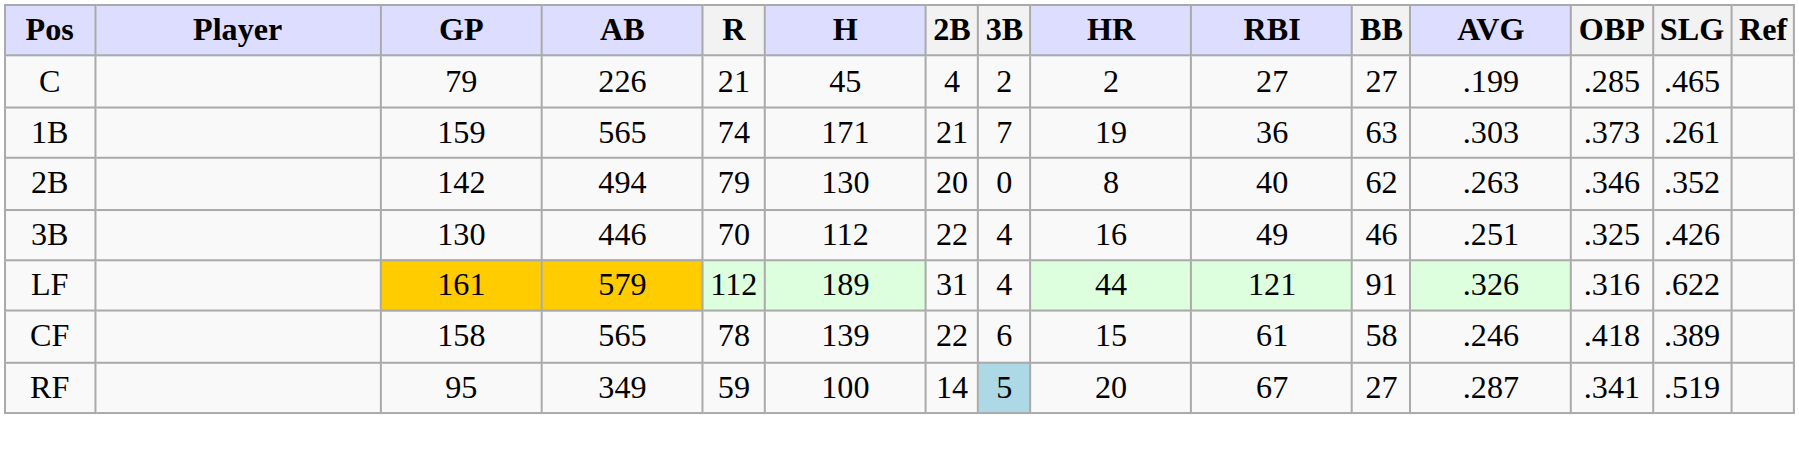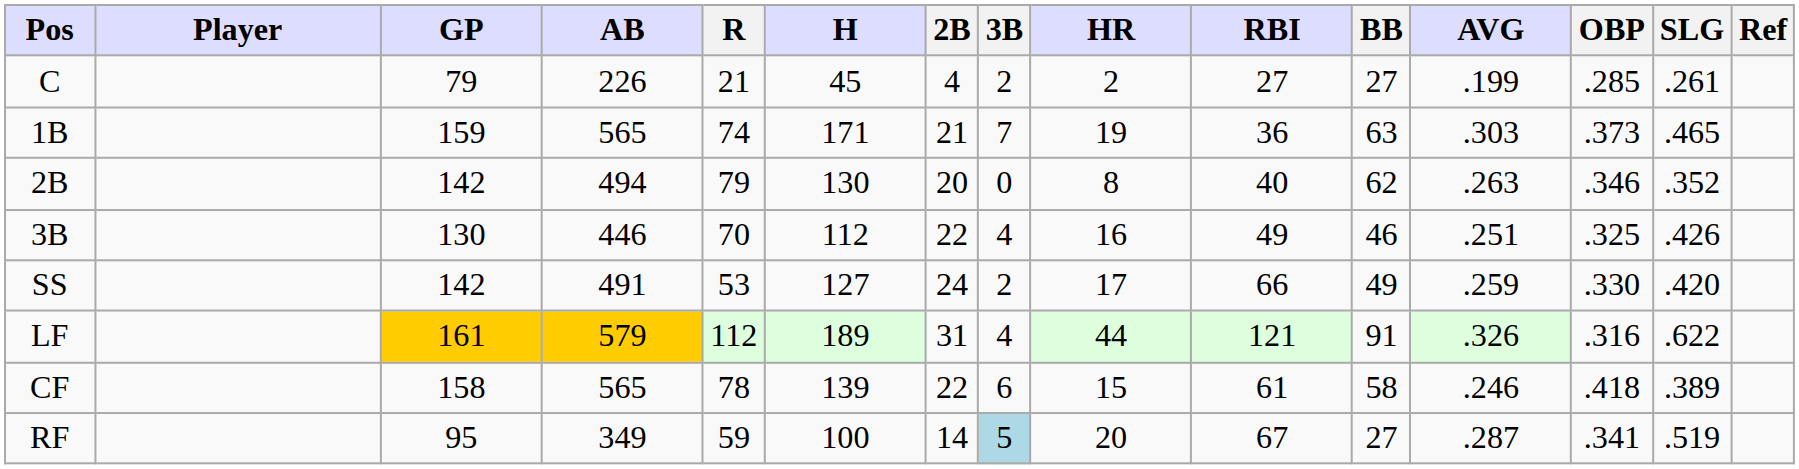 <table class="wikitable sortable">
 <tr>
 <th style="background:#ddf; width:5%;">Pos</th>
 <th style="background:#ddf; width:16%;">Player</th>
 <th style="background:#ddf; width:9%;">GP</th>
 <th style="background:#ddf; width:9%;">AB</th>
 <th>R</th>
 <th style="background:#ddf; width:9%;">H</th>
 <th>2B</th>
 <th>3B</th>
 <th style="background:#ddf; width:9%;">HR</th>
 <th style="background:#ddf; width:9%;">RBI</th>
 <th>BB</th>
 <th style="background:#ddf; width:9%;">AVG</th>
 <th>OBP</th>
 <th>SLG</th>
 <th>Ref</th>
 </tr>
 <tr style="text-align:center;">
 <td>C</td>
 <td></td>
 <td>79</td>
 <td>226</td>
 <td>21</td>
 <td>45</td>
 <td>4</td>
 <td>2</td>
 <td>2</td>
 <td>27</td>
 <td>27</td>
 <td>.199</td>
 <td>.285</td>
-<td>.465</td>
+<td>.261</td>
 <td></td>
 </tr>
 <tr style="text-align:center;">
 <td>1B</td>
 <td></td>
 <td>159</td>
 <td>565</td>
 <td>74</td>
 <td>171</td>
 <td>21</td>
 <td>7</td>
 <td>19</td>
 <td>36</td>
 <td>63</td>
 <td>.303</td>
 <td>.373</td>
-<td>.261</td>
+<td>.465</td>
 <td></td>
 </tr>
 <tr style="text-align:center;">
 <td>2B</td>
 <td></td>
 <td>142</td>
 <td>494</td>
 <td>79</td>
 <td>130</td>
 <td>20</td>
 <td>0</td>
 <td>8</td>
 <td>40</td>
 <td>62</td>
 <td>.263</td>
 <td>.346</td>
 <td>.352</td>
 <td></td>
 </tr>
 <tr style="text-align:center;">
 <td>3B</td>
 <td></td>
 <td>130</td>
 <td>446</td>
 <td>70</td>
 <td>112</td>
 <td>22</td>
 <td>4</td>
 <td>16</td>
 <td>49</td>
 <td>46</td>
 <td>.251</td>
 <td>.325</td>
 <td>.426</td>
+<td></td>
+</tr>
+<tr style="text-align:center;">
+<td>SS</td>
+<td></td>
+<td>142</td>
+<td>491</td>
+<td>53</td>
+<td>127</td>
+<td>24</td>
+<td>2</td>
+<td>17</td>
+<td>66</td>
+<td>49</td>
+<td>.259</td>
+<td>.330</td>
+<td>.420</td>
 <td></td>
 </tr>
 <tr style="text-align:center;">
 <td>LF</td>
 <td></td>
 <td bgcolor=#ffcc00>161</td>
 <td bgcolor=#ffcc00>579</td>
 <td style="background:#DDFFDD;">112</td>
 <td bgcolor="#DDFFDD">189</td>
 <td>31</td>
 <td>4</td>
 <td bgcolor="#DDFFDD">44</td>
 <td bgcolor="#DDFFDD">121</td>
 <td>91</td>
 <td bgcolor="#DDFFDD">.326</td>
 <td>.316</td>
 <td>.622</td>
 <td></td>
 </tr>
 <tr style="text-align:center;">
 <td>CF</td>
 <td></td>
 <td>158</td>
 <td>565</td>
 <td>78</td>
 <td>139</td>
 <td>22</td>
 <td>6</td>
 <td>15</td>
 <td>61</td>
 <td>58</td>
 <td>.246</td>
 <td>.418</td>
 <td>.389</td>
 <td></td>
 </tr>
 <tr style="text-align:center;">
 <td>RF</td>
 <td></td>
 <td>95</td>
 <td>349</td>
 <td>59</td>
 <td>100</td>
 <td>14</td>
 <td style="background: lightblue;">5</td>
 <td>20</td>
 <td>67</td>
 <td>27</td>
 <td>.287</td>
 <td>.341</td>
 <td>.519</td>
 <td></td>
 </tr>
 </table>
